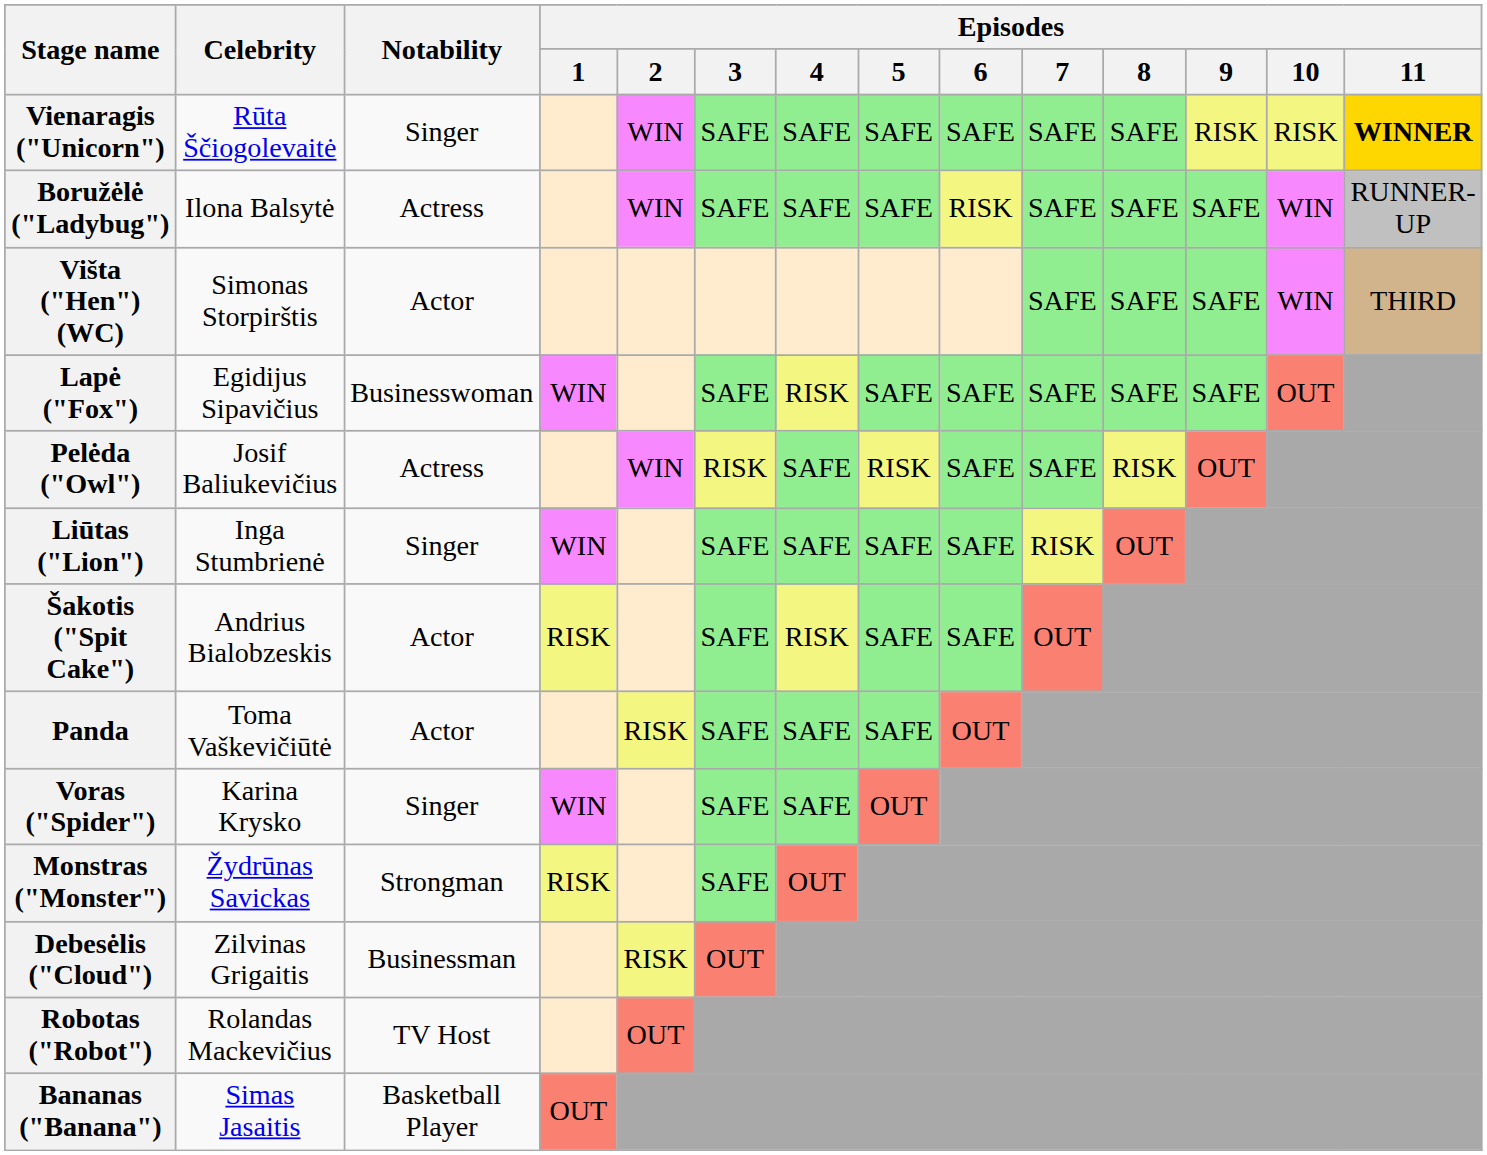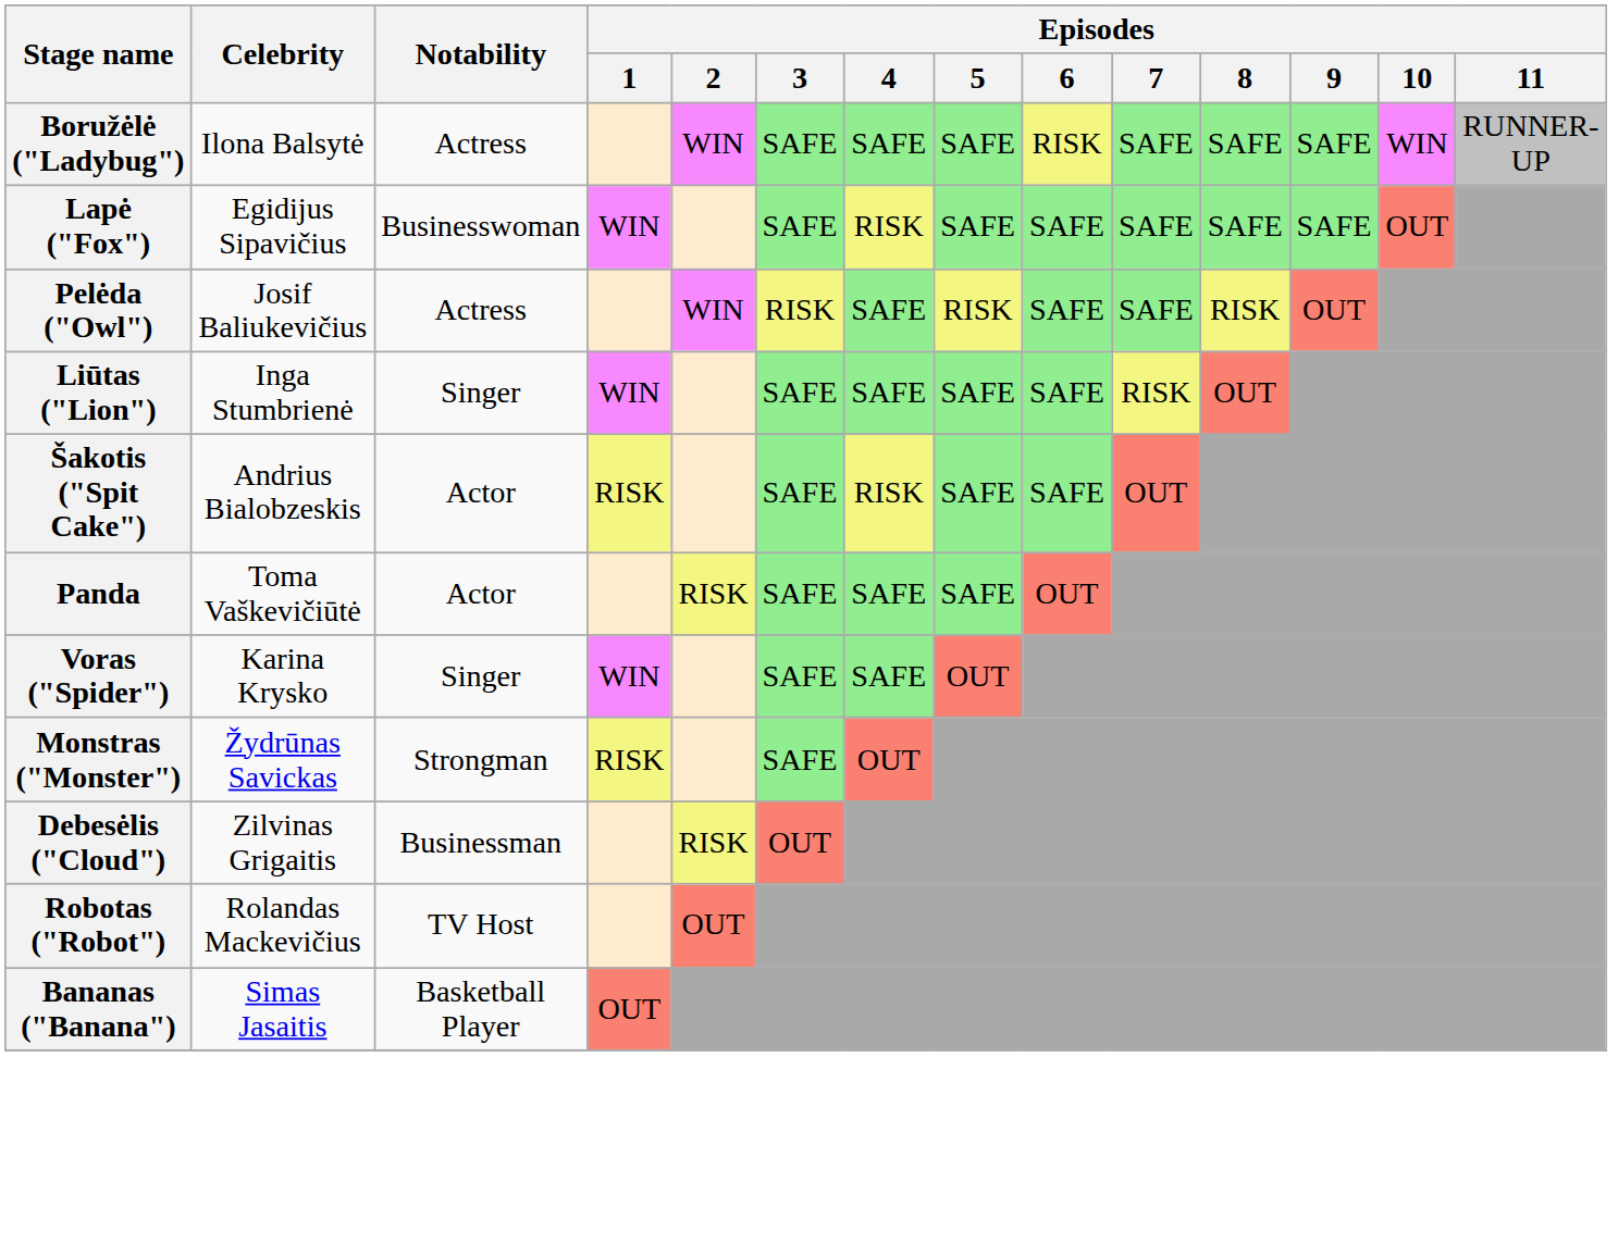 <table class="wikitable" style="text-align:center; ">
 <tr>
 <th rowspan="2">Stage name</th>
 <th rowspan="2">Celebrity</th>
 <th rowspan="2">Notability</th>
 <th colspan="11">Episodes</th>
 </tr>
 <tr>
 <th rowspan="1">1</th>
 <th rowspan="1">2</th>
 <th rowspan="1">3</th>
 <th rowspan="1">4</th>
 <th rowspan="1">5</th>
 <th rowspan="1">6</th>
 <th colspan="1">7</th>
 <th colspan="1">8</th>
 <th colspan="1">9</th>
 <th colspan="1">10</th>
 <th colspan="1">11</th>
 </tr>
 <tr>
-<th>Vienaragis ("Unicorn")</th>
-<td><a href='#'>Rūta Ščiogolevaitė</a></td>
-<td>Singer</td>
-<td bgcolor="#FFEBCD"></td>
-<td bgcolor=#F888FD>WIN</td>
-<td bgcolor="lightgreen">SAFE</td>
-<td bgcolor="lightgreen">SAFE</td>
-<td bgcolor="lightgreen">SAFE</td>
-<td bgcolor="lightgreen">SAFE</td>
-<td bgcolor="lightgreen">SAFE</td>
-<td bgcolor="lightgreen">SAFE</td>
-<td bgcolor="#F3F781">RISK</td>
-<td bgcolor="#F3F781">RISK</td>
-<td bgcolor=gold><strong>WINNER</strong></td>
-</tr>
-<tr>
 <th>Boružėlė ("Ladybug")</th>
 <td>Ilona Balsytė</td>
 <td>Actress</td>
 <td bgcolor="#FFEBCD"></td>
 <td bgcolor=#F888FD>WIN</td>
 <td bgcolor="lightgreen">SAFE</td>
 <td bgcolor="lightgreen">SAFE</td>
 <td bgcolor="lightgreen">SAFE</td>
 <td bgcolor="#F3F781">RISK</td>
 <td bgcolor="lightgreen">SAFE</td>
 <td bgcolor="lightgreen">SAFE</td>
 <td bgcolor="lightgreen">SAFE</td>
 <td bgcolor=#F888FD>WIN</td>
 <td bgcolor=silver>RUNNER-UP</td>
-</tr>
-<tr>
-<th>Višta ("Hen") (WC)</th>
-<td>Simonas Storpirštis</td>
-<td>Actor</td>
-<td bgcolor="#FFEBCD"></td>
-<td bgcolor="#FFEBCD"></td>
-<td bgcolor="#FFEBCD"></td>
-<td bgcolor="#FFEBCD"></td>
-<td bgcolor="#FFEBCD"></td>
-<td bgcolor="#FFEBCD"></td>
-<td bgcolor="lightgreen">SAFE</td>
-<td bgcolor="lightgreen">SAFE</td>
-<td bgcolor="lightgreen">SAFE</td>
-<td bgcolor=#F888FD>WIN</td>
-<td style="width:10%; background:tan;">THIRD</td>
 </tr>
 <tr>
 <th>Lapė ("Fox")</th>
 <td>Egidijus Sipavičius</td>
 <td>Businesswoman</td>
 <td bgcolor=#F888FD>WIN</td>
 <td bgcolor="#FFEBCD"></td>
 <td bgcolor="lightgreen">SAFE</td>
 <td bgcolor="#F3F781">RISK</td>
 <td bgcolor="lightgreen">SAFE</td>
 <td bgcolor="lightgreen">SAFE</td>
 <td bgcolor="lightgreen">SAFE</td>
 <td bgcolor="lightgreen">SAFE</td>
 <td bgcolor="lightgreen">SAFE</td>
 <td bgcolor=salmon>OUT</td>
 <td colspan="1" bgcolor=darkgrey></td>
 </tr>
 <tr>
 <th>Pelėda ("Owl")</th>
 <td>Josif Baliukevičius</td>
 <td>Actress</td>
 <td bgcolor="#FFEBCD"></td>
 <td bgcolor=#F888FD>WIN</td>
 <td bgcolor="#F3F781">RISK</td>
 <td bgcolor="lightgreen">SAFE</td>
 <td bgcolor="#F3F781">RISK</td>
 <td bgcolor="lightgreen">SAFE</td>
 <td bgcolor="lightgreen">SAFE</td>
 <td bgcolor="#F3F781">RISK</td>
 <td bgcolor=salmon>OUT</td>
 <td colspan="2" bgcolor=darkgrey></td>
 </tr>
 <tr>
 <th>Liūtas ("Lion")</th>
 <td>Inga Stumbrienė</td>
 <td>Singer</td>
 <td bgcolor=#F888FD>WIN</td>
 <td bgcolor="#FFEBCD"></td>
 <td bgcolor="lightgreen">SAFE</td>
 <td bgcolor="lightgreen">SAFE</td>
 <td bgcolor="lightgreen">SAFE</td>
 <td bgcolor="lightgreen">SAFE</td>
 <td bgcolor="#F3F781">RISK</td>
 <td bgcolor=salmon>OUT</td>
 <td colspan="3" bgcolor=darkgrey></td>
 </tr>
 <tr>
 <th>Šakotis ("Spit Cake")</th>
 <td>Andrius Bialobzeskis</td>
 <td>Actor</td>
 <td bgcolor="#F3F781">RISK</td>
 <td bgcolor="#FFEBCD"></td>
 <td bgcolor="lightgreen">SAFE</td>
 <td bgcolor="#F3F781">RISK</td>
 <td bgcolor="lightgreen">SAFE</td>
 <td bgcolor="lightgreen">SAFE</td>
 <td bgcolor=salmon>OUT</td>
 <td colspan="4" bgcolor=darkgrey></td>
 </tr>
 <tr>
 <th>Panda</th>
 <td>Toma Vaškevičiūtė</td>
 <td>Actor</td>
 <td bgcolor="#FFEBCD"></td>
 <td bgcolor="#F3F781">RISK</td>
 <td bgcolor="lightgreen">SAFE</td>
 <td bgcolor="lightgreen">SAFE</td>
 <td bgcolor="lightgreen">SAFE</td>
 <td bgcolor=salmon>OUT</td>
 <td colspan="5" bgcolor=darkgrey></td>
 </tr>
 <tr>
 <th>Voras ("Spider")</th>
 <td>Karina Krysko</td>
 <td>Singer</td>
 <td bgcolor=#F888FD>WIN</td>
 <td bgcolor="#FFEBCD"></td>
 <td bgcolor="lightgreen">SAFE</td>
 <td bgcolor="lightgreen">SAFE</td>
 <td bgcolor=salmon>OUT</td>
 <td colspan="6" bgcolor=darkgrey></td>
 </tr>
 <tr>
 <th>Monstras ("Monster")</th>
 <td><a href='#'>Žydrūnas Savickas</a></td>
 <td>Strongman</td>
 <td bgcolor="#F3F781">RISK</td>
 <td bgcolor="#FFEBCD"></td>
 <td bgcolor="lightgreen">SAFE</td>
 <td bgcolor=salmon>OUT</td>
 <td colspan="7" bgcolor=darkgrey></td>
 </tr>
 <tr>
 <th>Debesėlis ("Cloud")</th>
 <td>Zilvinas Grigaitis</td>
 <td>Businessman</td>
 <td bgcolor="#FFEBCD"></td>
 <td bgcolor="#F3F781">RISK</td>
 <td bgcolor=salmon>OUT</td>
 <td colspan="8" bgcolor=darkgrey></td>
 </tr>
 <tr>
 <th>Robotas ("Robot")</th>
 <td>Rolandas Mackevičius</td>
 <td>TV Host</td>
 <td bgcolor="#FFEBCD"></td>
 <td bgcolor=salmon>OUT</td>
 <td colspan="9" bgcolor=darkgrey></td>
 </tr>
 <tr>
 <th>Bananas ("Banana")</th>
 <td><a href='#'>Simas Jasaitis</a></td>
 <td>Basketball Player</td>
 <td bgcolor=salmon>OUT</td>
 <td colspan="10" bgcolor=darkgrey></td>
 </tr>
 <tr>
 </tr>
 </table>
